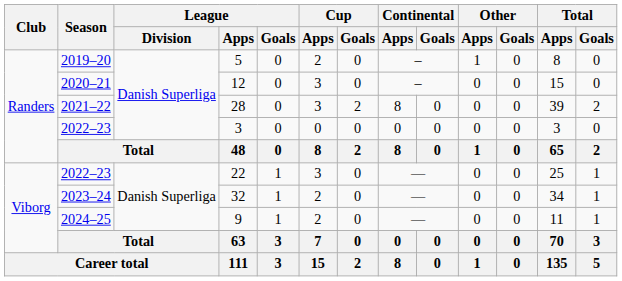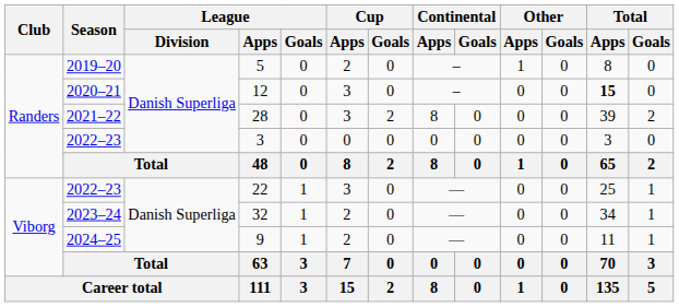 <table class="wikitable" style="text-align: center">
 <tr>
 <th rowspan="2">Club</th>
 <th rowspan="2">Season</th>
 <th colspan="3">League</th>
 <th colspan="2">Cup</th>
 <th colspan="2">Continental</th>
 <th colspan="2">Other</th>
 <th colspan="2">Total</th>
 </tr>
 <tr>
 <th>Division</th>
 <th>Apps</th>
 <th>Goals</th>
 <th>Apps</th>
 <th>Goals</th>
 <th>Apps</th>
 <th>Goals</th>
 <th>Apps</th>
 <th>Goals</th>
 <th>Apps</th>
 <th>Goals</th>
 </tr>
 <tr>
 <td rowspan="5"><a href='#'>Randers</a></td>
 <td><a href='#'>2019–20</a></td>
 <td rowspan=4><a href='#'>Danish Superliga</a></td>
 <td>5</td>
 <td>0</td>
 <td>2</td>
 <td>0</td>
 <td colspan="2">–</td>
 <td>1</td>
 <td>0</td>
 <td>8</td>
 <td>0</td>
 </tr>
 <tr>
 <td><a href='#'>2020–21</a></td>
 <td>12</td>
 <td>0</td>
 <td>3</td>
 <td>0</td>
 <td colspan="2">–</td>
 <td>0</td>
 <td>0</td>
-<td>15</td>
+<td><strong>15</strong></td>
 <td>0</td>
 </tr>
 <tr>
 <td><a href='#'>2021–22</a></td>
 <td>28</td>
 <td>0</td>
 <td>3</td>
 <td>2</td>
 <td>8</td>
 <td>0</td>
 <td>0</td>
 <td>0</td>
 <td>39</td>
 <td>2</td>
 </tr>
 <tr>
 <td><a href='#'>2022–23</a></td>
 <td>3</td>
 <td>0</td>
 <td>0</td>
 <td>0</td>
 <td>0</td>
 <td>0</td>
 <td>0</td>
 <td>0</td>
 <td>3</td>
 <td>0</td>
 </tr>
 <tr>
 <th colspan="2">Total</th>
 <th>48</th>
 <th>0</th>
 <th>8</th>
 <th>2</th>
 <th>8</th>
 <th>0</th>
 <th>1</th>
 <th>0</th>
 <th>65</th>
 <th>2</th>
 </tr>
 <tr>
 <td rowspan=4><a href='#'>Viborg</a></td>
 <td><a href='#'>2022–23</a></td>
 <td rowspan=3>Danish Superliga</td>
 <td>22</td>
 <td>1</td>
 <td>3</td>
 <td>0</td>
 <td colspan=2>—</td>
 <td>0</td>
 <td>0</td>
 <td>25</td>
 <td>1</td>
 </tr>
 <tr>
 <td><a href='#'>2023–24</a></td>
 <td>32</td>
 <td>1</td>
 <td>2</td>
 <td>0</td>
 <td colspan=2>—</td>
 <td>0</td>
 <td>0</td>
 <td>34</td>
 <td>1</td>
 </tr>
 <tr>
 <td><a href='#'>2024–25</a></td>
 <td>9</td>
 <td>1</td>
 <td>2</td>
 <td>0</td>
 <td colspan=2>—</td>
 <td>0</td>
 <td>0</td>
 <td>11</td>
 <td>1</td>
 </tr>
 <tr>
 <th colspan=2>Total</th>
 <th>63</th>
 <th>3</th>
 <th>7</th>
 <th>0</th>
 <th>0</th>
 <th>0</th>
 <th>0</th>
 <th>0</th>
 <th>70</th>
 <th>3</th>
 </tr>
 <tr>
 <th colspan=3>Career total</th>
 <th>111</th>
 <th>3</th>
 <th>15</th>
 <th>2</th>
 <th>8</th>
 <th>0</th>
 <th>1</th>
 <th>0</th>
 <th>135</th>
 <th>5</th>
 </tr>
 </table>
